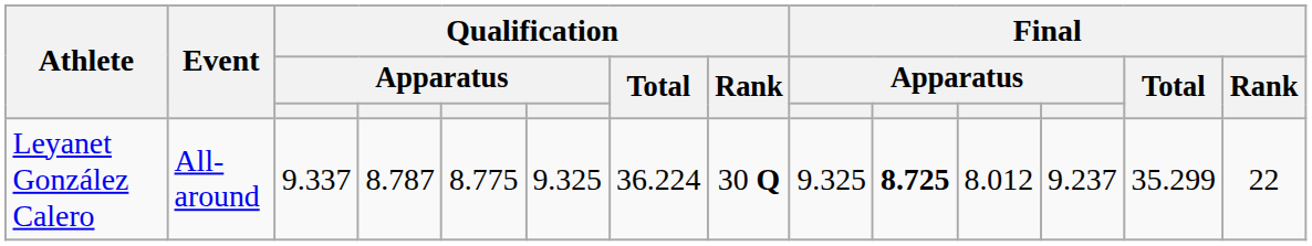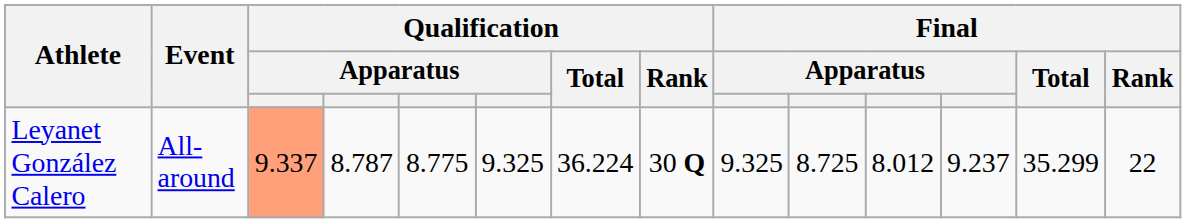 <table class="wikitable" style="font-size:90%">
 <tr>
 <th rowspan=3>Athlete</th>
 <th rowspan=3>Event</th>
 <th colspan=6>Qualification</th>
 <th colspan=6>Final</th>
 </tr>
 <tr style="font-size:95%">
 <th colspan=4>Apparatus</th>
 <th rowspan=2>Total</th>
 <th rowspan=2>Rank</th>
 <th colspan=4>Apparatus</th>
 <th rowspan=2>Total</th>
 <th rowspan=2>Rank</th>
 </tr>
 <tr style="font-size:95%">
 <th></th>
 <th></th>
 <th></th>
 <th></th>
 <th></th>
 <th></th>
 <th></th>
 <th></th>
 </tr>
 <tr align=center>
 <td align=left><a href='#'>Leyanet González Calero</a></td>
 <td align=left><a href='#'>All-around</a></td>
-<td>9.337</td>
+<td style="background: lightsalmon;">9.337</td>
 <td>8.787</td>
 <td>8.775</td>
 <td>9.325</td>
 <td>36.224</td>
 <td>30 <strong>Q</strong></td>
 <td>9.325</td>
-<td><strong>8.725</strong></td>
+<td>8.725</td>
 <td>8.012</td>
 <td>9.237</td>
 <td>35.299</td>
 <td>22</td>
 </tr>
 </table>
